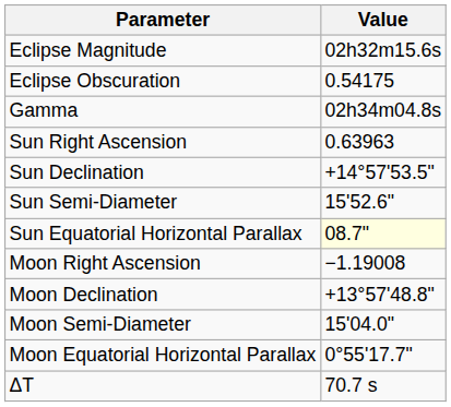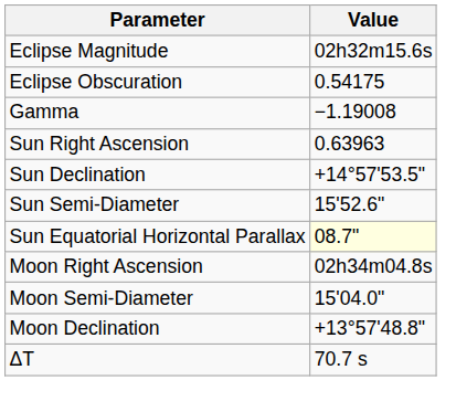 <table class="wikitable">
 <tr>
 <th>Parameter</th>
 <th>Value</th>
 </tr>
 <tr>
 <td>Eclipse Magnitude</td>
 <td>02h32m15.6s</td>
 </tr>
 <tr>
 <td>Eclipse Obscuration</td>
 <td>0.54175</td>
 </tr>
 <tr>
 <td>Gamma</td>
-<td>02h34m04.8s</td>
+<td>−1.19008</td>
 </tr>
 <tr>
 <td>Sun Right Ascension</td>
 <td>0.63963</td>
 </tr>
 <tr>
 <td>Sun Declination</td>
 <td>+14°57'53.5"</td>
 </tr>
 <tr>
 <td>Sun Semi-Diameter</td>
 <td>15'52.6"</td>
 </tr>
 <tr>
 <td>Sun Equatorial Horizontal Parallax</td>
 <td style="background: lightyellow;">08.7"</td>
 </tr>
 <tr>
 <td>Moon Right Ascension</td>
-<td>−1.19008</td>
+<td>02h34m04.8s</td>
+</tr>
+<tr>
+<td>Moon Semi-Diameter</td>
+<td>15'04.0"</td>
 </tr>
 <tr>
 <td>Moon Declination</td>
 <td>+13°57'48.8"</td>
 </tr>
 <tr>
-<td>Moon Semi-Diameter</td>
-<td>15'04.0"</td>
-</tr>
-<tr>
-<td>Moon Equatorial Horizontal Parallax</td>
-<td>0°55'17.7"</td>
-</tr>
-<tr>
 <td>ΔT</td>
 <td>70.7 s</td>
 </tr>
 </table>
